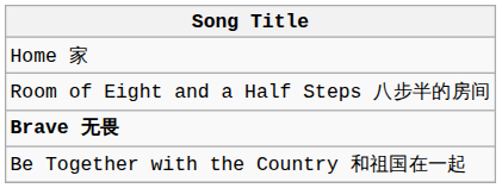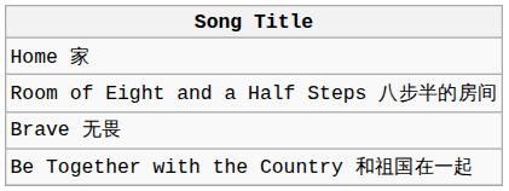 <table class="wikitable">
 <tr>
 <th>Song Title</th>
 </tr>
 <tr>
 <td>Home 家</td>
 </tr>
 <tr>
 <td>Room of Eight and a Half Steps 八步半的房间</td>
 </tr>
 <tr>
-<td><strong>Brave 无畏</strong></td>
+<td>Brave 无畏</td>
 </tr>
 <tr>
 <td>Be Together with the Country 和祖国在一起</td>
 </tr>
 <tr>
 </tr>
 </table>
